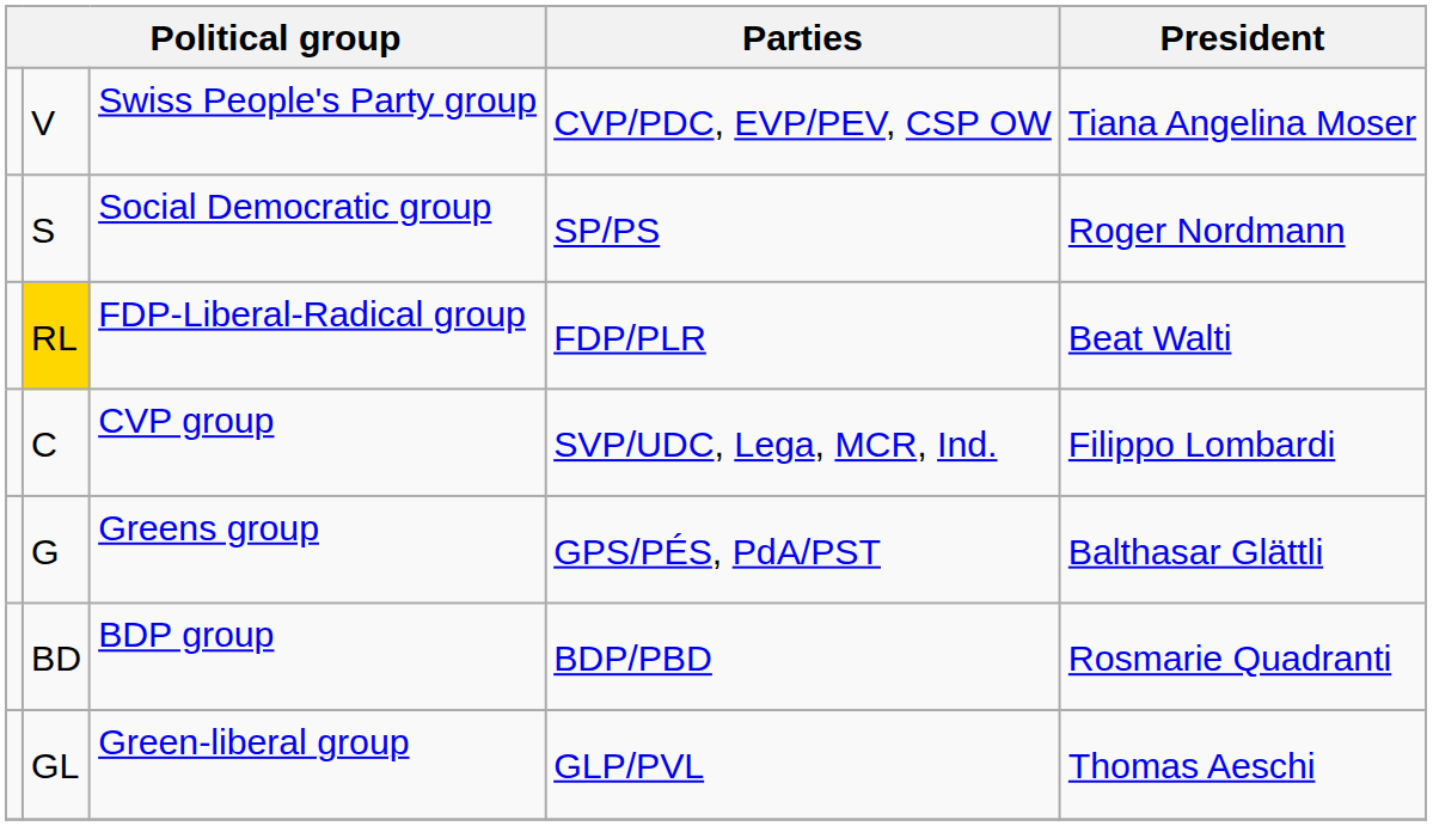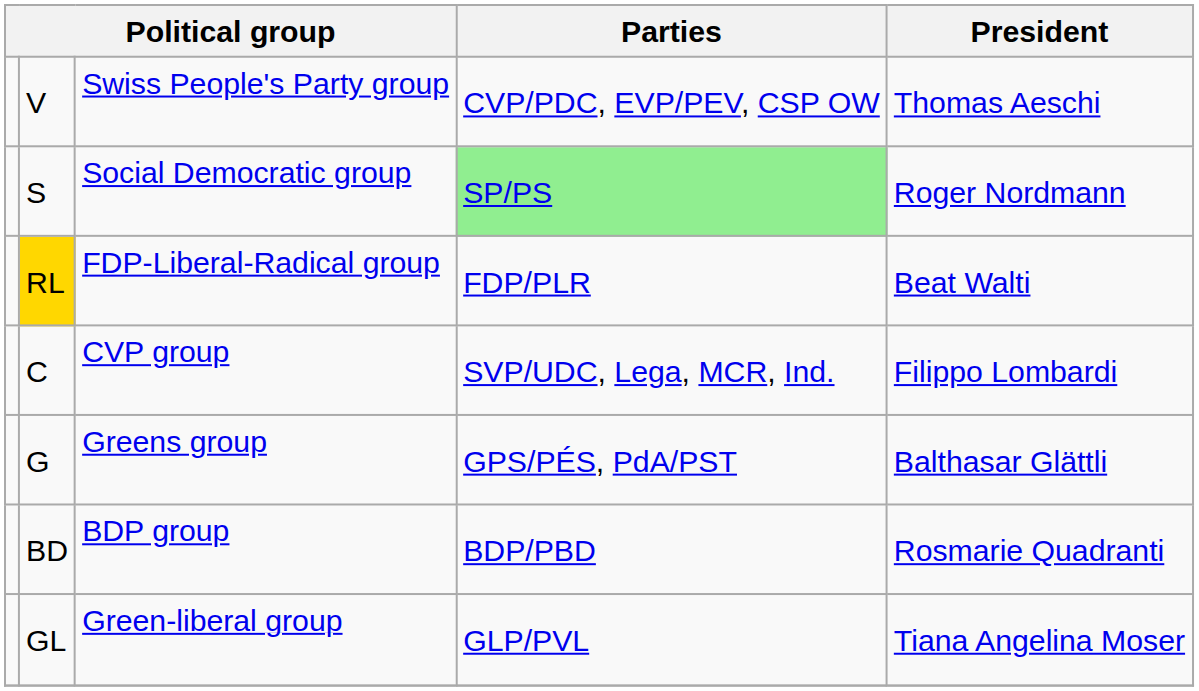 <table class="wikitable" style="line-height:125%; font-size:95%;">
 <tr>
 <th colspan=3>Political group</th>
 <th>Parties</th>
 <th>President</th>
 </tr>
 <tr>
 <td style="background-color:"></td>
 <td>V</td>
 <td><a href='#'>Swiss People's Party group</a><br><br></td>
 <td><a href='#'>CVP/PDC</a>, <a href='#'>EVP/PEV</a>, <a href='#'>CSP OW</a></td>
-<td><a href='#'>Tiana Angelina Moser</a></td>
+<td><a href='#'>Thomas Aeschi</a></td>
 </tr>
 <tr>
 <td style="background-color:"></td>
 <td>S</td>
 <td><a href='#'>Social Democratic group</a><br><br></td>
-<td><a href='#'>SP/PS</a></td>
+<td style="background: lightgreen;"><a href='#'>SP/PS</a></td>
 <td><a href='#'>Roger Nordmann</a></td>
 </tr>
 <tr>
 <td style="background-color:"></td>
 <td style="background: gold;">RL</td>
 <td><a href='#'>FDP-Liberal-Radical group</a><br><br></td>
 <td><a href='#'>FDP/PLR</a></td>
 <td><a href='#'>Beat Walti</a></td>
 </tr>
 <tr>
 <td style="background-color:"></td>
 <td>C</td>
 <td><a href='#'>CVP group</a><br><br></td>
 <td><a href='#'>SVP/UDC</a>, <a href='#'>Lega</a>, <a href='#'>MCR</a>, <a href='#'>Ind.</a></td>
 <td><a href='#'>Filippo Lombardi</a></td>
 </tr>
 <tr>
 <td style="background-color:"></td>
 <td>G</td>
 <td><a href='#'>Greens group</a><br><br></td>
 <td><a href='#'>GPS/PÉS</a>, <a href='#'>PdA/PST</a></td>
 <td><a href='#'>Balthasar Glättli</a></td>
 </tr>
 <tr>
 <td style="background-color:"></td>
 <td>BD</td>
 <td><a href='#'>BDP group</a><br><br></td>
 <td><a href='#'>BDP/PBD</a></td>
 <td><a href='#'>Rosmarie Quadranti</a></td>
 </tr>
 <tr>
 <td style="background-color:"></td>
 <td>GL</td>
 <td><a href='#'>Green-liberal group</a><br><br></td>
 <td><a href='#'>GLP/PVL</a></td>
-<td><a href='#'>Thomas Aeschi</a></td>
+<td><a href='#'>Tiana Angelina Moser</a></td>
 </tr>
 <tr>
 </tr>
 </table>
